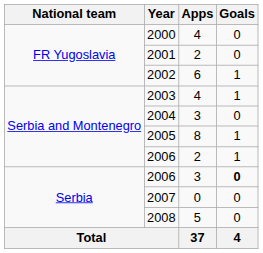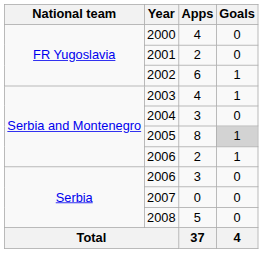 <table class="wikitable" style="text-align:center">
 <tr>
 <th>National team</th>
 <th>Year</th>
 <th>Apps</th>
 <th>Goals</th>
 </tr>
 <tr>
 <td rowspan="3"><a href='#'>FR Yugoslavia</a></td>
 <td>2000</td>
 <td>4</td>
 <td>0</td>
 </tr>
 <tr>
 <td>2001</td>
 <td>2</td>
 <td>0</td>
 </tr>
 <tr>
 <td>2002</td>
 <td>6</td>
 <td>1</td>
 </tr>
 <tr>
 <td rowspan="4"><a href='#'>Serbia and Montenegro</a></td>
 <td>2003</td>
 <td>4</td>
 <td>1</td>
 </tr>
 <tr>
 <td>2004</td>
 <td>3</td>
 <td>0</td>
 </tr>
 <tr>
 <td>2005</td>
 <td>8</td>
-<td>1</td>
+<td style="background: lightgrey;">1</td>
 </tr>
 <tr>
 <td>2006</td>
 <td>2</td>
 <td>1</td>
 </tr>
 <tr>
 <td rowspan="3"><a href='#'>Serbia</a></td>
 <td>2006</td>
 <td>3</td>
-<td><strong>0</strong></td>
+<td>0</td>
 </tr>
 <tr>
 <td>2007</td>
 <td>0</td>
 <td>0</td>
 </tr>
 <tr>
 <td>2008</td>
 <td>5</td>
 <td>0</td>
 </tr>
 <tr>
 <th colspan="2">Total</th>
 <th>37</th>
 <th>4</th>
 </tr>
 </table>
